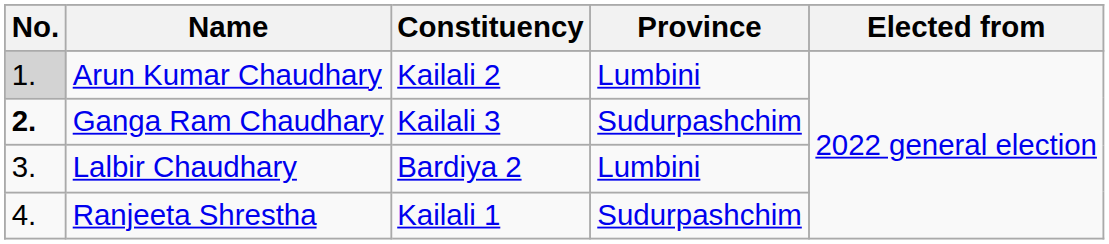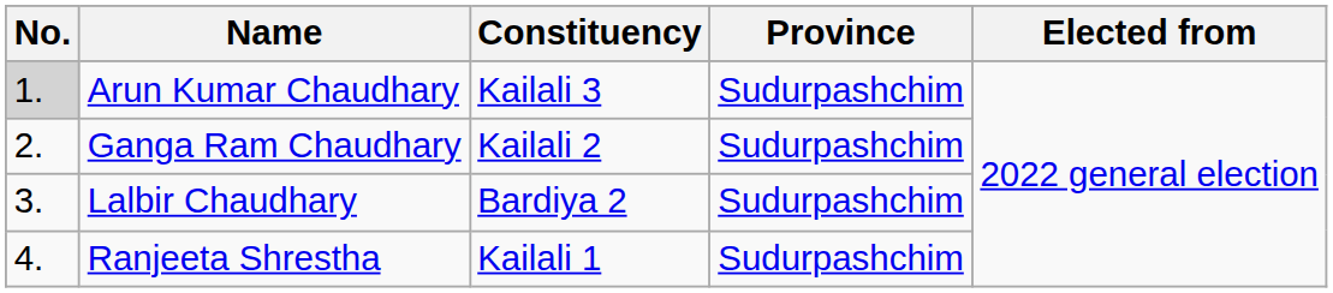 <table class="wikitable">
 <tr>
 <th style="background-color:">No.</th>
 <th style="background-color:">Name</th>
 <th style="background-color:">Constituency</th>
 <th style="background-color:">Province</th>
 <th style="background-color:">Elected from</th>
 </tr>
 <tr>
 <td style="background: lightgrey;">1.</td>
 <td><a href='#'>Arun Kumar Chaudhary</a></td>
-<td><a href='#'>Kailali 2</a></td>
-<td><a href='#'>Lumbini</a></td>
+<td><a href='#'>Kailali 3</a></td>
+<td><a href='#'>Sudurpashchim</a></td>
 <td rowspan="4"><a href='#'>2022 general election</a></td>
 </tr>
 <tr>
-<td><strong>2.</strong></td>
+<td>2.</td>
 <td><a href='#'>Ganga Ram Chaudhary</a></td>
-<td><a href='#'>Kailali 3</a></td>
+<td><a href='#'>Kailali 2</a></td>
 <td><a href='#'>Sudurpashchim</a></td>
 </tr>
 <tr>
 <td>3.</td>
 <td><a href='#'>Lalbir Chaudhary</a></td>
 <td><a href='#'>Bardiya 2</a></td>
-<td><a href='#'>Lumbini</a></td>
+<td><a href='#'>Sudurpashchim</a></td>
 </tr>
 <tr>
 <td>4.</td>
 <td><a href='#'>Ranjeeta Shrestha</a></td>
 <td><a href='#'>Kailali 1</a></td>
 <td><a href='#'>Sudurpashchim</a></td>
 </tr>
 </table>
